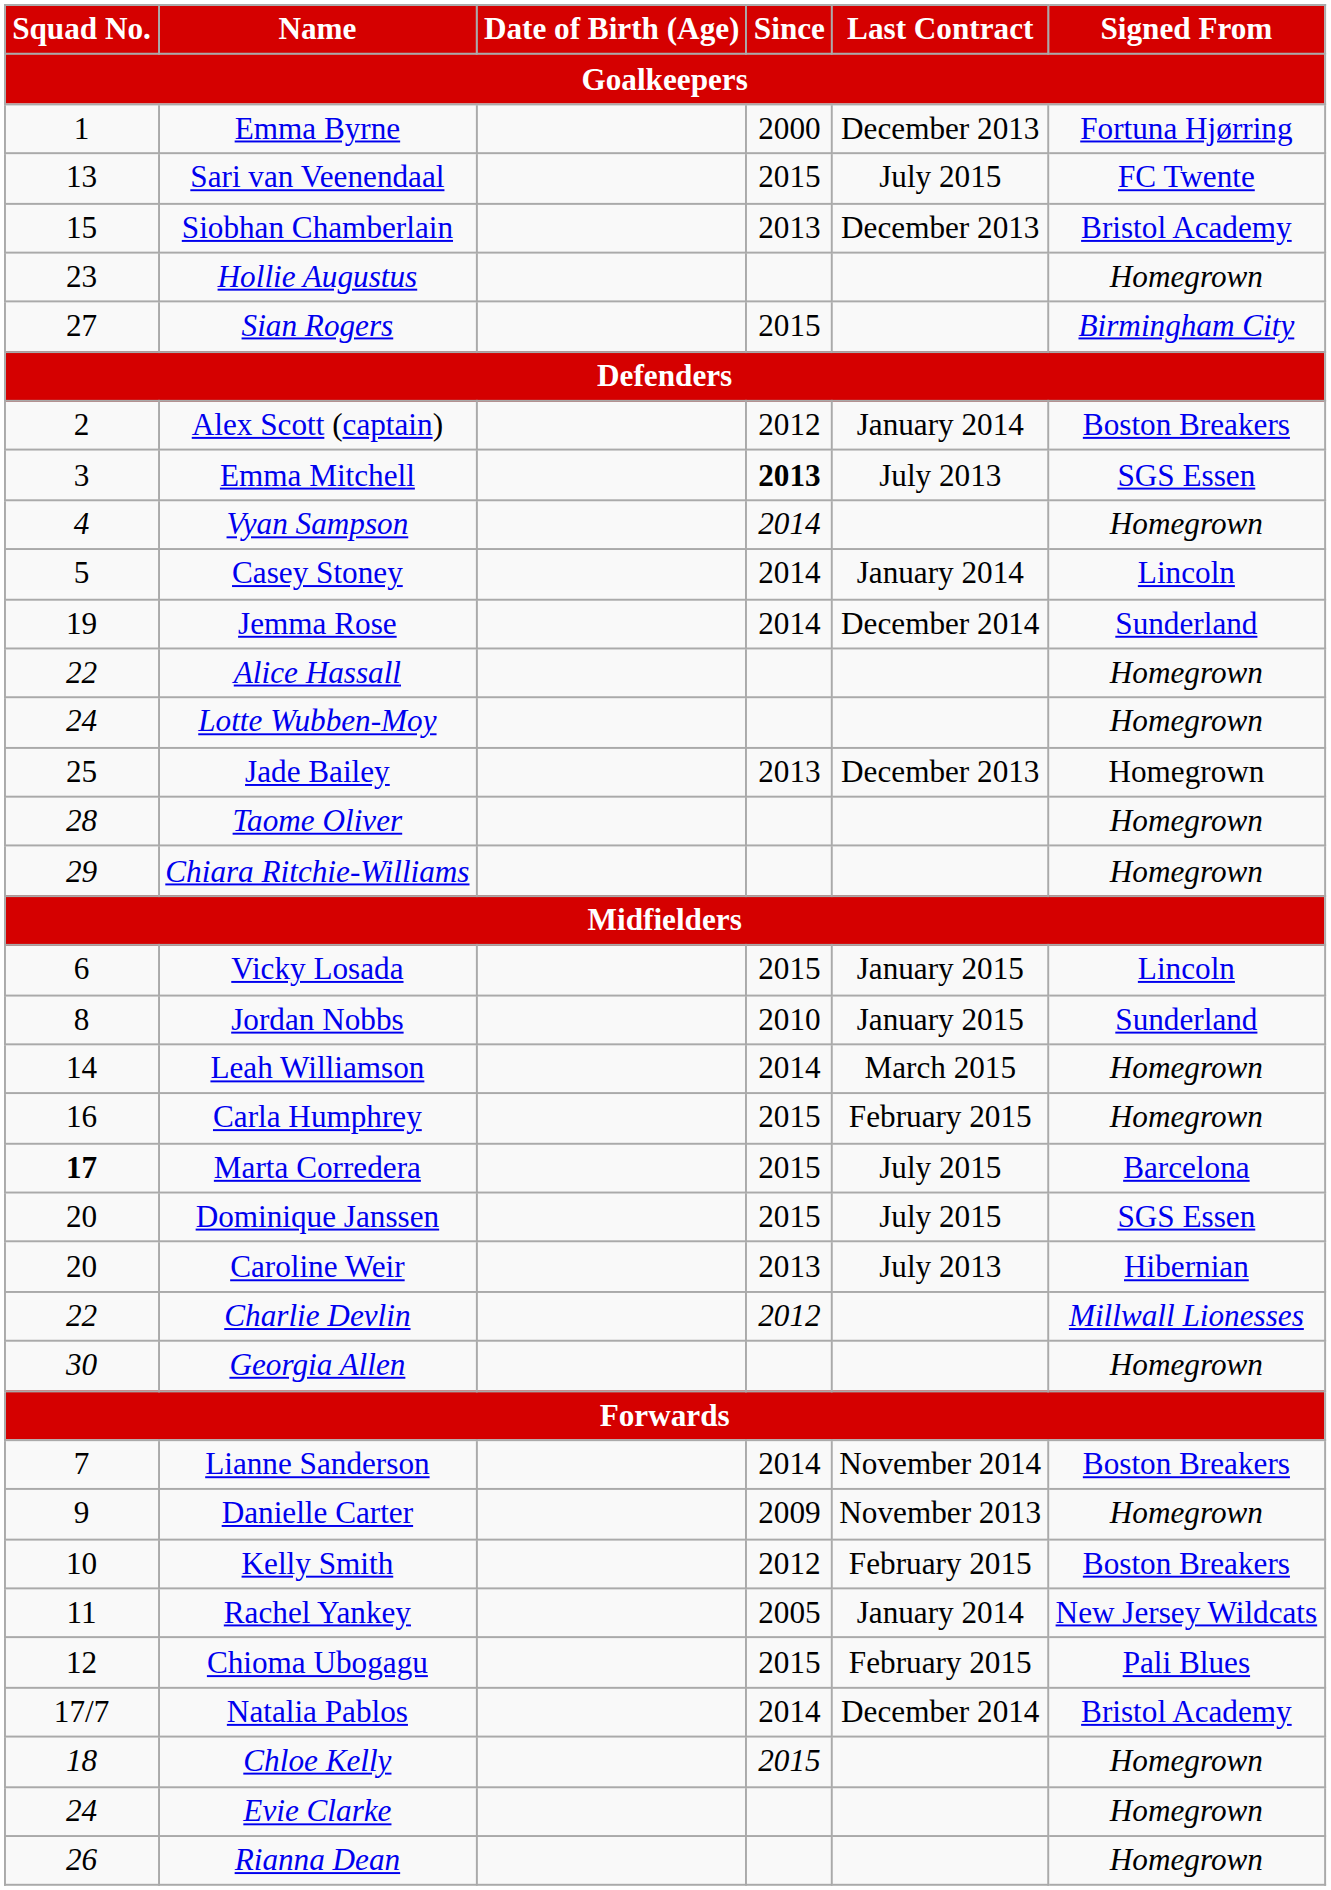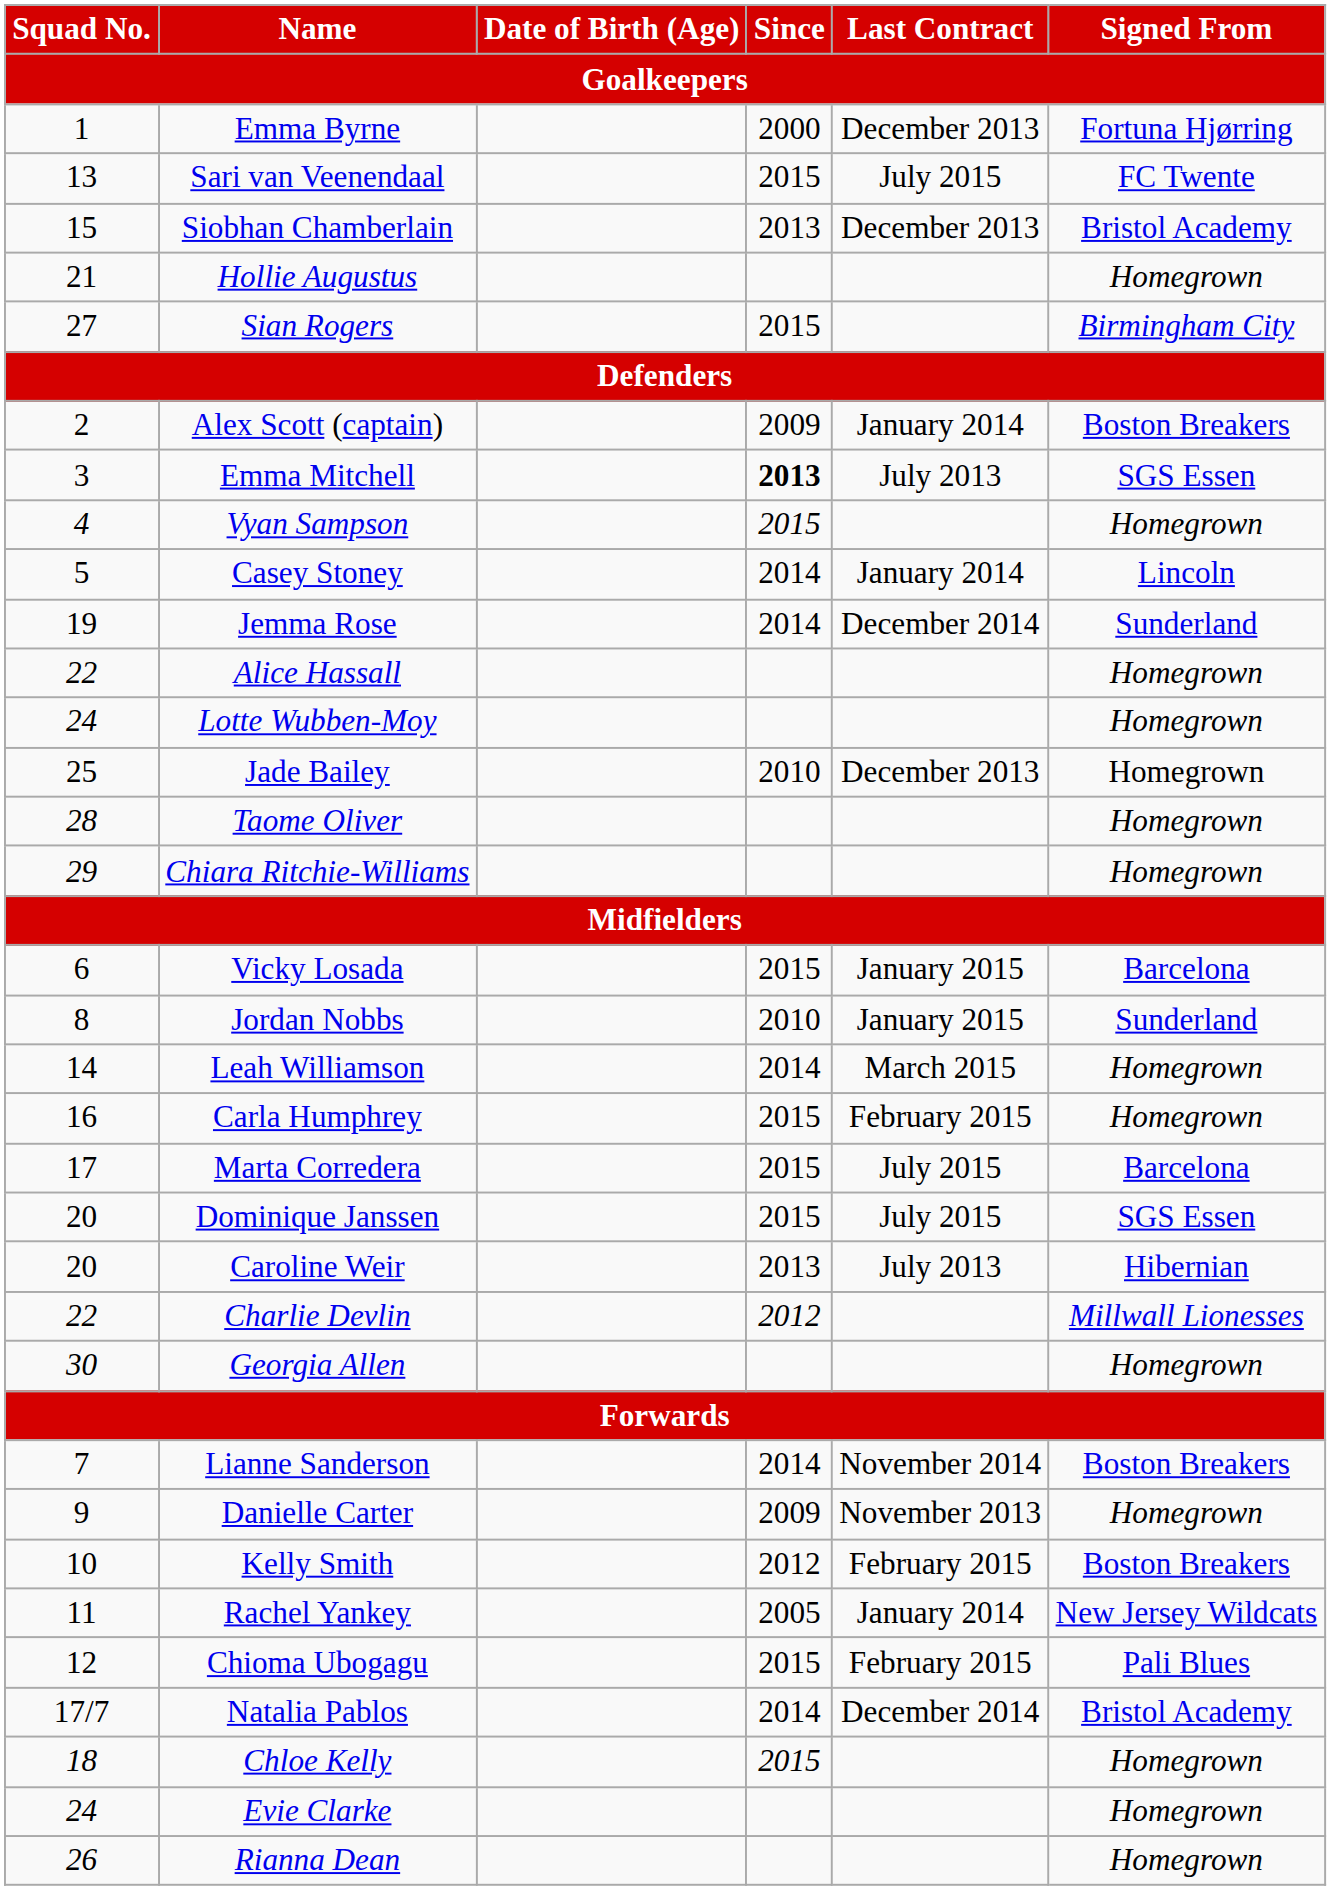 <table class="wikitable" style="text-align:center; font-size:100%; ">
 <tr>
 <th style="background:#d50000; color:white; text-align:center;">Squad No.</th>
 <th style="background:#d50000; color:white; text-align:center;">Name</th>
 <th style="background:#d50000; color:white; text-align:center;">Date of Birth (Age)</th>
 <th style="background:#d50000; color:white; text-align:center;">Since</th>
 <th style="background:#d50000; color:white; text-align:center;">Last Contract</th>
 <th style="background:#d50000; color:white; text-align:center;">Signed From</th>
 </tr>
 <tr>
 <th colspan="6" style="background:#d50000; color:white; text-align:center">Goalkeepers</th>
 </tr>
 <tr>
 <td>1</td>
 <td> <a href='#'>Emma Byrne</a></td>
 <td></td>
 <td>2000</td>
 <td>December 2013</td>
 <td> <a href='#'>Fortuna Hjørring</a></td>
 </tr>
 <tr>
 <td>13</td>
 <td> <a href='#'>Sari van Veenendaal</a></td>
 <td></td>
 <td>2015</td>
 <td>July 2015</td>
 <td> <a href='#'>FC Twente</a></td>
 </tr>
 <tr>
 <td>15</td>
 <td><em></em> <a href='#'>Siobhan Chamberlain</a></td>
 <td></td>
 <td>2013</td>
 <td>December 2013</td>
 <td> <a href='#'>Bristol Academy</a></td>
 </tr>
 <tr>
-<td>23</td>
+<td>21</td>
 <td><em> <a href='#'>Hollie Augustus</a></em></td>
 <td></td>
 <td></td>
 <td></td>
 <td><em>Homegrown</em></td>
 </tr>
 <tr>
 <td>27</td>
 <td><em> <a href='#'>Sian Rogers</a></em></td>
 <td></td>
 <td>2015</td>
 <td></td>
 <td> <em><a href='#'>Birmingham City</a></em></td>
 </tr>
 <tr>
 <th colspan="6" style="background:#d50000; color:white; text-align:center">Defenders</th>
 </tr>
 <tr>
 <td>2</td>
 <td> <a href='#'>Alex Scott</a> (<a href='#'>captain</a>)</td>
 <td></td>
-<td>2012</td>
+<td>2009</td>
 <td>January 2014</td>
 <td> <a href='#'>Boston Breakers</a></td>
 </tr>
 <tr>
 <td>3</td>
 <td> <a href='#'>Emma Mitchell</a></td>
 <td></td>
 <td><strong>2013</strong></td>
 <td>July 2013</td>
 <td> <a href='#'>SGS Essen</a></td>
 </tr>
 <tr>
 <td><em>4</em></td>
 <td><em> <a href='#'>Vyan Sampson</a></em></td>
 <td><em></em></td>
-<td><em>2014</em></td>
+<td><em>2015</em></td>
 <td></td>
 <td><em>Homegrown</em></td>
 </tr>
 <tr>
 <td>5</td>
 <td> <a href='#'>Casey Stoney</a></td>
 <td></td>
 <td>2014</td>
 <td>January 2014</td>
 <td> <a href='#'>Lincoln</a></td>
 </tr>
 <tr>
 <td>19</td>
 <td> <a href='#'>Jemma Rose</a></td>
 <td></td>
 <td>2014</td>
 <td>December 2014</td>
 <td> <a href='#'>Sunderland</a></td>
 </tr>
 <tr>
 <td><em>22</em></td>
 <td><em> <a href='#'>Alice Hassall</a></em></td>
 <td><em></em></td>
 <td></td>
 <td></td>
 <td><em>Homegrown</em></td>
 </tr>
 <tr>
 <td><em>24</em></td>
 <td><em> <a href='#'>Lotte Wubben-Moy</a></em></td>
 <td><em></em></td>
 <td></td>
 <td></td>
 <td><em>Homegrown</em></td>
 </tr>
 <tr>
 <td>25</td>
 <td> <a href='#'>Jade Bailey</a></td>
 <td></td>
-<td>2013</td>
+<td>2010</td>
 <td>December 2013</td>
 <td>Homegrown</td>
 </tr>
 <tr>
 <td><em>28</em></td>
 <td><em> <a href='#'>Taome Oliver</a></em></td>
 <td><em></em></td>
 <td></td>
 <td></td>
 <td><em>Homegrown</em></td>
 </tr>
 <tr>
 <td><em>29</em></td>
 <td><em> <a href='#'>Chiara Ritchie-Williams</a></em></td>
 <td><em></em></td>
 <td></td>
 <td></td>
 <td><em>Homegrown</em></td>
 </tr>
 <tr>
 <th colspan="6" style="background:#d50000; color:white; text-align:center">Midfielders</th>
 </tr>
 <tr>
 <td>6</td>
 <td> <a href='#'>Vicky Losada</a></td>
 <td></td>
 <td>2015</td>
 <td>January 2015</td>
-<td> <a href='#'>Lincoln</a></td>
+<td> <a href='#'>Barcelona</a></td>
 </tr>
 <tr>
 <td>8</td>
 <td> <a href='#'>Jordan Nobbs</a></td>
 <td></td>
 <td>2010</td>
 <td>January 2015</td>
 <td> <a href='#'>Sunderland</a></td>
 </tr>
 <tr>
 <td>14</td>
 <td> <a href='#'>Leah Williamson</a></td>
 <td></td>
 <td>2014</td>
 <td>March 2015</td>
 <td><em>Homegrown</em></td>
 </tr>
 <tr>
 <td>16</td>
 <td> <a href='#'>Carla Humphrey</a></td>
 <td></td>
 <td>2015</td>
 <td>February 2015</td>
 <td><em>Homegrown</em></td>
 </tr>
 <tr>
-<td><strong>17</strong></td>
+<td>17</td>
 <td> <a href='#'>Marta Corredera</a></td>
 <td></td>
 <td>2015</td>
 <td>July 2015</td>
 <td> <a href='#'>Barcelona</a></td>
 </tr>
 <tr>
 <td>20</td>
 <td> <a href='#'>Dominique Janssen</a></td>
 <td></td>
 <td>2015</td>
 <td>July 2015</td>
 <td> <a href='#'>SGS Essen</a></td>
 </tr>
 <tr>
 <td>20</td>
 <td> <a href='#'>Caroline Weir</a></td>
 <td></td>
 <td>2013</td>
 <td>July 2013</td>
 <td> <a href='#'>Hibernian</a></td>
 </tr>
 <tr>
 <td><em>22</em></td>
 <td><em> <a href='#'>Charlie Devlin</a></em></td>
 <td><em></em></td>
 <td><em>2012</em></td>
 <td></td>
 <td><em> <a href='#'>Millwall Lionesses</a></em></td>
 </tr>
 <tr>
 <td><em>30</em></td>
 <td><em> <a href='#'>Georgia Allen</a></em></td>
 <td><em></em></td>
 <td></td>
 <td></td>
 <td><em>Homegrown</em></td>
 </tr>
 <tr>
 <th colspan="6" style="background:#d50000; color:white; text-align:center">Forwards</th>
 </tr>
 <tr>
 <td>7</td>
 <td> <a href='#'>Lianne Sanderson</a></td>
 <td><em></em></td>
 <td>2014</td>
 <td>November 2014</td>
 <td> <a href='#'>Boston Breakers</a></td>
 </tr>
 <tr>
 <td>9</td>
 <td> <a href='#'>Danielle Carter</a></td>
 <td></td>
 <td>2009</td>
 <td>November 2013</td>
 <td><em>Homegrown</em></td>
 </tr>
 <tr>
 <td>10</td>
 <td> <a href='#'>Kelly Smith</a></td>
 <td></td>
 <td>2012</td>
 <td>February 2015</td>
 <td> <a href='#'>Boston Breakers</a></td>
 </tr>
 <tr>
 <td>11</td>
 <td> <a href='#'>Rachel Yankey</a></td>
 <td></td>
 <td>2005</td>
 <td>January 2014</td>
 <td> <a href='#'>New Jersey Wildcats</a></td>
 </tr>
 <tr>
 <td>12</td>
 <td> <a href='#'>Chioma Ubogagu</a></td>
 <td></td>
 <td>2015</td>
 <td>February 2015</td>
 <td> <a href='#'>Pali Blues</a></td>
 </tr>
 <tr>
 <td>17/7</td>
 <td> <a href='#'>Natalia Pablos</a></td>
 <td></td>
 <td>2014</td>
 <td>December 2014</td>
 <td> <a href='#'>Bristol Academy</a></td>
 </tr>
 <tr>
 <td><em>18</em></td>
 <td><em> <a href='#'>Chloe Kelly</a></em></td>
 <td><em></em></td>
 <td><em>2015</em></td>
 <td></td>
 <td><em>Homegrown</em></td>
 </tr>
 <tr>
 <td><em>24</em></td>
 <td><em> <a href='#'>Evie Clarke</a></em></td>
 <td><em></em></td>
 <td></td>
 <td></td>
 <td><em>Homegrown</em></td>
 </tr>
 <tr>
 <td><em>26</em></td>
 <td><em> <a href='#'>Rianna Dean</a></em></td>
 <td><em></em></td>
 <td></td>
 <td></td>
 <td><em>Homegrown</em></td>
 </tr>
 </table>
